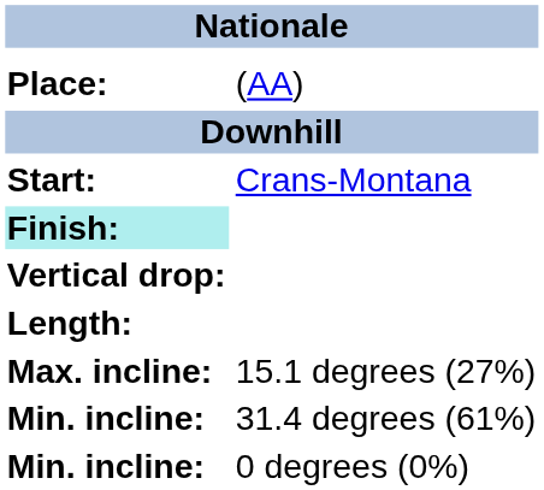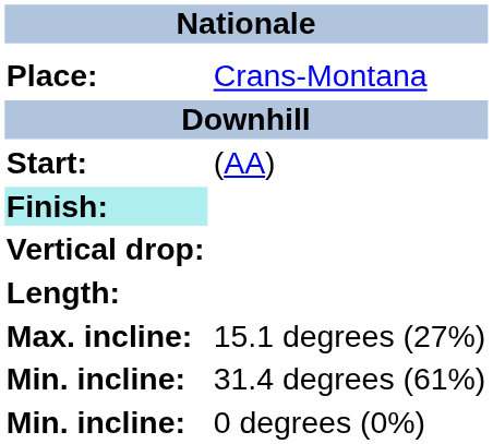 <table border=0 class="toccolours float-right" align="right" style="margin:0 0 0.5em 1em; font-size: 85%">
 <tr>
 <th bgcolor=#b0c4de colspan=2 align="center">Nationale</th>
 </tr>
 <tr>
 <td align="center" colspan=2></td>
 </tr>
 <tr>
 <td><strong>Place:</strong></td>
-<td> (<a href='#'>AA</a>)</td>
+<td> <a href='#'>Crans-Montana</a></td>
 </tr>
 <tr>
 <th bgcolor=#b0c4de colspan=2 align="center">Downhill</th>
 </tr>
 <tr>
 <td><strong>Start:</strong></td>
-<td> <a href='#'>Crans-Montana</a></td>
+<td> (<a href='#'>AA</a>)</td>
 </tr>
 <tr>
 <td style="background: paleturquoise;"><strong>Finish:</strong></td>
 <td></td>
 </tr>
 <tr>
 <td><strong>Vertical drop:</strong></td>
 <td></td>
 </tr>
 <tr>
 <td><strong>Length:</strong></td>
 <td></td>
 </tr>
 <tr>
 <td><strong>Max. incline:</strong></td>
 <td>15.1 degrees (27%)</td>
 </tr>
 <tr>
 <td><strong>Min. incline:</strong></td>
 <td>31.4 degrees (61%)</td>
 </tr>
 <tr>
 <td><strong>Min. incline:</strong></td>
 <td>0 degrees (0%)</td>
 </tr>
 </table>
